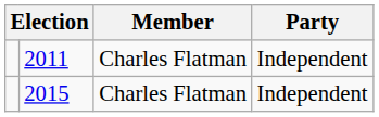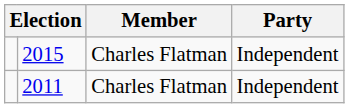 <table class="wikitable">
 <tr>
 <th colspan="2">Election</th>
 <th>Member</th>
 <th>Party</th>
 </tr>
 <tr>
 <td style="background-color: "></td>
-<td><a href='#'>2011</a></td>
+<td><a href='#'>2015</a></td>
 <td>Charles Flatman</td>
 <td>Independent</td>
 </tr>
 <tr>
 <td style="background-color: "></td>
-<td><a href='#'>2015</a></td>
+<td><a href='#'>2011</a></td>
 <td>Charles Flatman</td>
 <td>Independent</td>
 </tr>
 </table>
